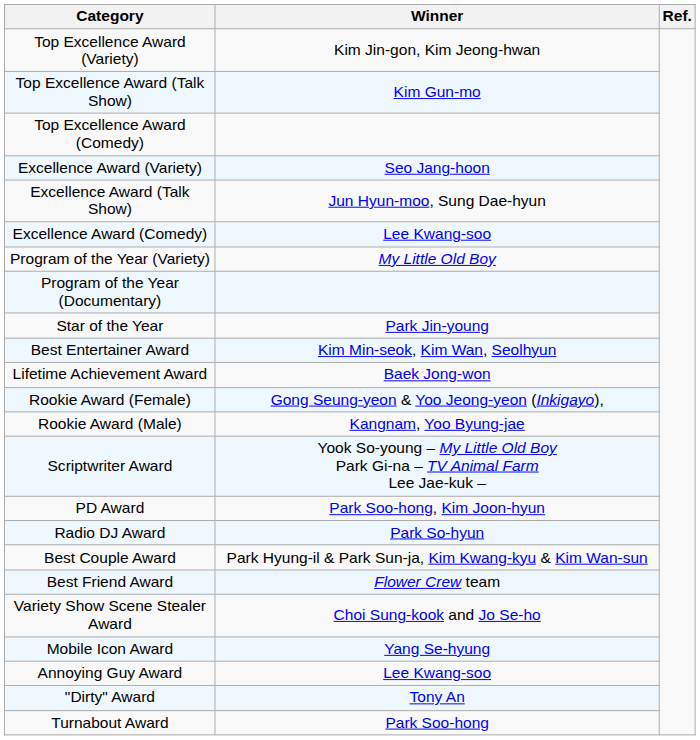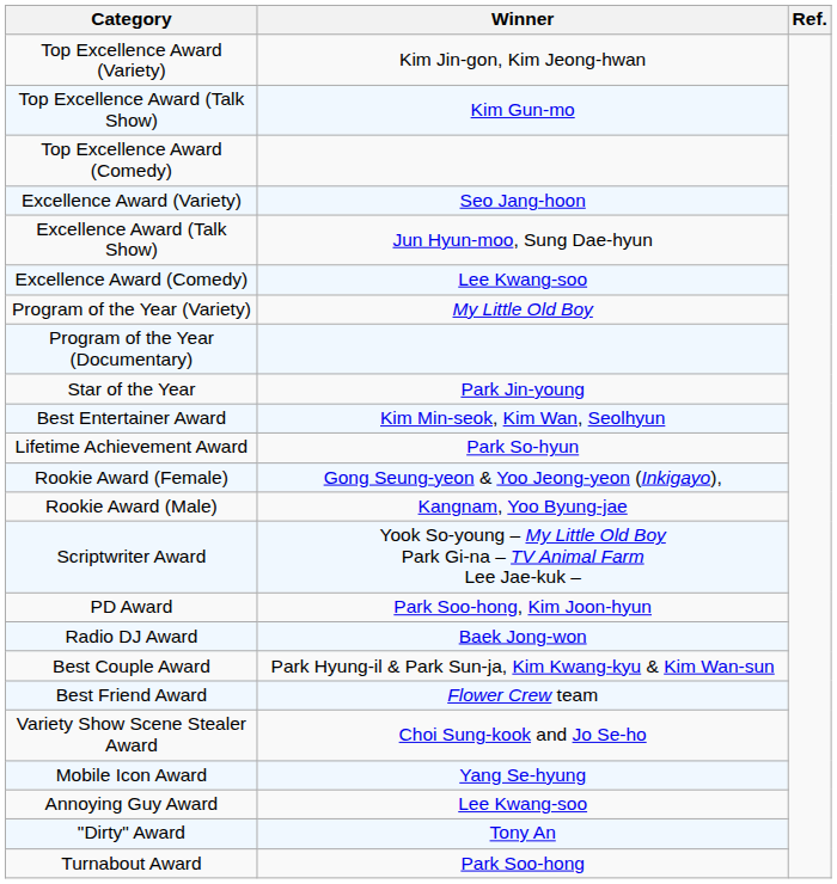 <table class="wikitable sortable">
 <tr align=center>
 <th style="width:210px">Category</th>
 <th style="width:450px">Winner</th>
 <th style="width:10px">Ref.</th>
 </tr>
 <tr align=center>
 <td>Top Excellence Award (Variety)</td>
 <td>Kim Jin-gon, Kim Jeong-hwan</td>
 <td rowspan=23></td>
 </tr>
 <tr align=center style="background:#F0F8FF">
 <td>Top Excellence Award (Talk Show)</td>
 <td><a href='#'>Kim Gun-mo</a></td>
 </tr>
 <tr align=center>
 <td>Top Excellence Award (Comedy)</td>
 <td></td>
 </tr>
 <tr align=center style="background:#F0F8FF">
 <td>Excellence Award (Variety)</td>
 <td><a href='#'>Seo Jang-hoon</a></td>
 </tr>
 <tr align=center>
 <td>Excellence Award (Talk Show)</td>
 <td><a href='#'>Jun Hyun-moo</a>, Sung Dae-hyun</td>
 </tr>
 <tr align=center style="background:#F0F8FF">
 <td>Excellence Award (Comedy)</td>
 <td><a href='#'>Lee Kwang-soo</a></td>
 </tr>
 <tr align=center>
 <td>Program of the Year (Variety)</td>
 <td><em><a href='#'>My Little Old Boy</a></em></td>
 </tr>
 <tr align=center style="background:#F0F8FF">
 <td>Program of the Year (Documentary)</td>
 <td><em></em></td>
 </tr>
 <tr align=center>
 <td>Star of the Year</td>
 <td><a href='#'>Park Jin-young</a></td>
 </tr>
 <tr align=center style="background:#F0F8FF">
 <td>Best Entertainer Award</td>
 <td><a href='#'>Kim Min-seok</a>, <a href='#'>Kim Wan</a>, <a href='#'>Seolhyun</a></td>
 </tr>
 <tr align=center>
 <td>Lifetime Achievement Award</td>
-<td><a href='#'>Baek Jong-won</a></td>
+<td><a href='#'>Park So-hyun</a></td>
 </tr>
 <tr align=center style="background:#F0F8FF">
 <td>Rookie Award (Female)</td>
 <td><a href='#'>Gong Seung-yeon</a> & <a href='#'>Yoo Jeong-yeon</a> (<em><a href='#'>Inkigayo</a></em>), </td>
 </tr>
 <tr align=center>
 <td>Rookie Award (Male)</td>
 <td><a href='#'>Kangnam</a>, <a href='#'>Yoo Byung-jae</a></td>
 </tr>
 <tr align=center style="background:#F0F8FF">
 <td>Scriptwriter Award</td>
 <td>Yook So-young – <em><a href='#'>My Little Old Boy</a></em><br>Park Gi-na – <em><a href='#'>TV Animal Farm</a></em><br>Lee Jae-kuk – <em></em></td>
 </tr>
 <tr align=center>
 <td>PD Award</td>
 <td><a href='#'>Park Soo-hong</a>, <a href='#'>Kim Joon-hyun</a></td>
 </tr>
 <tr align=center style="background:#F0F8FF">
 <td>Radio DJ Award</td>
-<td><a href='#'>Park So-hyun</a></td>
+<td><a href='#'>Baek Jong-won</a></td>
 </tr>
 <tr align=center>
 <td>Best Couple Award</td>
 <td>Park Hyung-il & Park Sun-ja, <a href='#'>Kim Kwang-kyu</a> & <a href='#'>Kim Wan-sun</a></td>
 </tr>
 <tr align=center style="background:#F0F8FF">
 <td>Best Friend Award</td>
 <td><em><a href='#'>Flower Crew</a></em> team</td>
 </tr>
 <tr align=center>
 <td>Variety Show Scene Stealer Award</td>
 <td><a href='#'>Choi Sung-kook</a> and <a href='#'>Jo Se-ho</a></td>
 </tr>
 <tr align=center style="background:#F0F8FF">
 <td>Mobile Icon Award</td>
 <td><a href='#'>Yang Se-hyung</a></td>
 </tr>
 <tr align=center>
 <td>Annoying Guy Award</td>
 <td><a href='#'>Lee Kwang-soo</a></td>
 </tr>
 <tr align=center style="background:#F0F8FF">
 <td>"Dirty" Award</td>
 <td><a href='#'>Tony An</a></td>
 </tr>
 <tr align=center>
 <td>Turnabout Award</td>
 <td><a href='#'>Park Soo-hong</a></td>
 </tr>
 </table>
